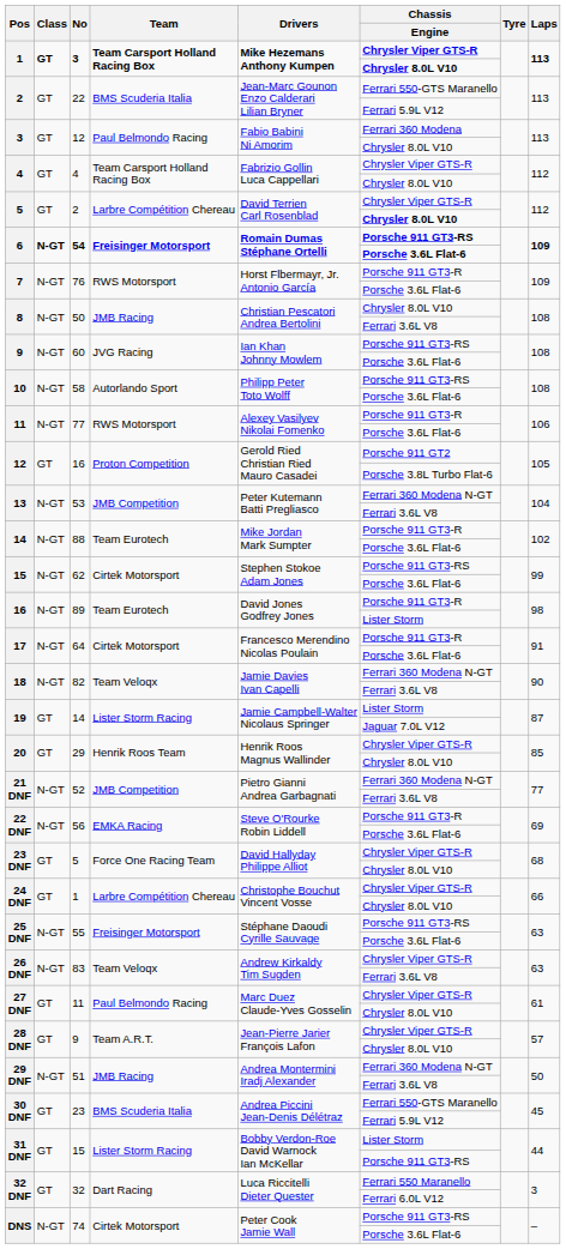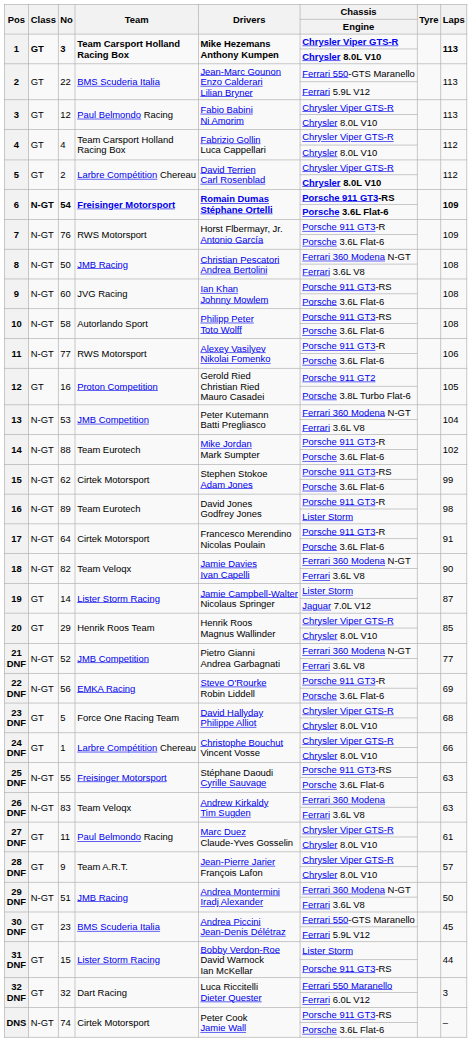 <table class="wikitable" style="font-size: 95%;">
 <tr>
 <th rowspan=2>Pos</th>
 <th rowspan=2>Class</th>
 <th rowspan=2>No</th>
 <th rowspan=2>Team</th>
 <th rowspan=2>Drivers</th>
 <th>Chassis</th>
 <th rowspan=2>Tyre</th>
 <th rowspan=2>Laps</th>
 </tr>
 <tr>
 <th>Engine</th>
 </tr>
 <tr style="font-weight:bold">
 <th rowspan=2>1</th>
 <td rowspan=2>GT</td>
 <td rowspan=2>3</td>
 <td rowspan=2> Team Carsport Holland<br> Racing Box</td>
 <td rowspan=2> Mike Hezemans<br> Anthony Kumpen</td>
 <td><a href='#'>Chrysler Viper GTS-R</a></td>
 <td rowspan=2></td>
 <td rowspan=2>113</td>
 </tr>
 <tr style="font-weight:bold">
 <td><a href='#'>Chrysler</a> 8.0L V10</td>
 </tr>
 <tr>
 <th rowspan=2>2</th>
 <td rowspan=2>GT</td>
 <td rowspan=2>22</td>
 <td rowspan=2> <a href='#'>BMS Scuderia Italia</a></td>
 <td rowspan=2> <a href='#'>Jean-Marc Gounon</a><br> <a href='#'>Enzo Calderari</a><br> <a href='#'>Lilian Bryner</a></td>
 <td><a href='#'>Ferrari 550</a>-GTS Maranello</td>
 <td rowspan=2></td>
 <td rowspan=2>113</td>
 </tr>
 <tr>
 <td><a href='#'>Ferrari</a> 5.9L V12</td>
 </tr>
 <tr>
 <th rowspan=2>3</th>
 <td rowspan=2>GT</td>
 <td rowspan=2>12</td>
 <td rowspan=2> <a href='#'>Paul Belmondo</a> Racing</td>
 <td rowspan=2> <a href='#'>Fabio Babini</a><br> <a href='#'>Ni Amorim</a></td>
-<td><a href='#'>Ferrari 360 Modena</a></td>
+<td><a href='#'>Chrysler Viper GTS-R</a></td>
 <td rowspan=2></td>
 <td rowspan=2>113</td>
 </tr>
 <tr>
 <td><a href='#'>Chrysler</a> 8.0L V10</td>
 </tr>
 <tr>
 <th rowspan=2>4</th>
 <td rowspan=2>GT</td>
 <td rowspan=2>4</td>
 <td rowspan=2> Team Carsport Holland<br> Racing Box</td>
 <td rowspan=2> <a href='#'>Fabrizio Gollin</a><br> Luca Cappellari</td>
 <td><a href='#'>Chrysler Viper GTS-R</a></td>
 <td rowspan=2></td>
 <td rowspan=2>112</td>
 </tr>
 <tr>
 <td><a href='#'>Chrysler</a> 8.0L V10</td>
 </tr>
 <tr>
 <th rowspan=2>5</th>
 <td rowspan=2>GT</td>
 <td rowspan=2>2</td>
 <td rowspan=2> <a href='#'>Larbre Compétition</a> Chereau</td>
 <td rowspan=2> <a href='#'>David Terrien</a><br> <a href='#'>Carl Rosenblad</a></td>
 <td><a href='#'>Chrysler Viper GTS-R</a></td>
 <td rowspan=2></td>
 <td rowspan=2>112</td>
 </tr>
 <tr>
 <td><strong><a href='#'>Chrysler</a> 8.0L V10</strong></td>
 </tr>
 <tr style="font-weight:bold">
 <th rowspan=2>6</th>
 <td rowspan=2>N-GT</td>
 <td rowspan=2>54</td>
 <td rowspan=2> <a href='#'>Freisinger Motorsport</a></td>
 <td rowspan=2> <a href='#'>Romain Dumas</a><br> <a href='#'>Stéphane Ortelli</a></td>
 <td><a href='#'>Porsche 911 GT3</a>-RS</td>
 <td rowspan=2></td>
 <td rowspan=2>109</td>
 </tr>
 <tr style="font-weight:bold">
 <td><a href='#'>Porsche</a> 3.6L Flat-6</td>
 </tr>
 <tr>
 <th rowspan=2>7</th>
 <td rowspan=2>N-GT</td>
 <td rowspan=2>76</td>
 <td rowspan=2> RWS Motorsport</td>
 <td rowspan=2> Horst Flbermayr, Jr.<br> <a href='#'>Antonio García</a></td>
 <td><a href='#'>Porsche 911 GT3</a>-R</td>
 <td rowspan=2></td>
 <td rowspan=2>109</td>
 </tr>
 <tr>
 <td><a href='#'>Porsche</a> 3.6L Flat-6</td>
 </tr>
 <tr>
 <th rowspan=2>8</th>
 <td rowspan=2>N-GT</td>
 <td rowspan=2>50</td>
 <td rowspan=2> <a href='#'>JMB Racing</a></td>
 <td rowspan=2> <a href='#'>Christian Pescatori</a><br> <a href='#'>Andrea Bertolini</a></td>
-<td><a href='#'>Chrysler</a> 8.0L V10</td>
+<td><a href='#'>Ferrari 360 Modena</a> N-GT</td>
 <td rowspan=2></td>
 <td rowspan=2>108</td>
 </tr>
 <tr>
 <td><a href='#'>Ferrari</a> 3.6L V8</td>
 </tr>
 <tr>
 <th rowspan=2>9</th>
 <td rowspan=2>N-GT</td>
 <td rowspan=2>60</td>
 <td rowspan=2> JVG Racing</td>
 <td rowspan=2> <a href='#'>Ian Khan</a><br> <a href='#'>Johnny Mowlem</a></td>
 <td><a href='#'>Porsche 911 GT3</a>-RS</td>
 <td rowspan=2></td>
 <td rowspan=2>108</td>
 </tr>
 <tr>
 <td><a href='#'>Porsche</a> 3.6L Flat-6</td>
 </tr>
 <tr>
 <th rowspan=2>10</th>
 <td rowspan=2>N-GT</td>
 <td rowspan=2>58</td>
 <td rowspan=2> Autorlando Sport</td>
 <td rowspan=2> <a href='#'>Philipp Peter</a><br> <a href='#'>Toto Wolff</a></td>
 <td><a href='#'>Porsche 911 GT3</a>-RS</td>
 <td rowspan=2></td>
 <td rowspan=2>108</td>
 </tr>
 <tr>
 <td><a href='#'>Porsche</a> 3.6L Flat-6</td>
 </tr>
 <tr>
 <th rowspan=2>11</th>
 <td rowspan=2>N-GT</td>
 <td rowspan=2>77</td>
 <td rowspan=2> RWS Motorsport</td>
 <td rowspan=2> <a href='#'>Alexey Vasilyev</a><br> <a href='#'>Nikolai Fomenko</a></td>
 <td><a href='#'>Porsche 911 GT3</a>-R</td>
 <td rowspan=2></td>
 <td rowspan=2>106</td>
 </tr>
 <tr>
 <td><a href='#'>Porsche</a> 3.6L Flat-6</td>
 </tr>
 <tr>
 <th rowspan=2>12</th>
 <td rowspan=2>GT</td>
 <td rowspan=2>16</td>
 <td rowspan=2> <a href='#'>Proton Competition</a></td>
 <td rowspan=2> Gerold Ried<br> Christian Ried<br> Mauro Casadei</td>
 <td><a href='#'>Porsche 911 GT2</a></td>
 <td rowspan=2></td>
 <td rowspan=2>105</td>
 </tr>
 <tr>
 <td><a href='#'>Porsche</a> 3.8L Turbo Flat-6</td>
 </tr>
 <tr>
 <th rowspan=2>13</th>
 <td rowspan=2>N-GT</td>
 <td rowspan=2>53</td>
 <td rowspan=2> <a href='#'>JMB Competition</a></td>
 <td rowspan=2> Peter Kutemann<br> Batti Pregliasco</td>
 <td><a href='#'>Ferrari 360 Modena</a> N-GT</td>
 <td rowspan=2></td>
 <td rowspan=2>104</td>
 </tr>
 <tr>
 <td><a href='#'>Ferrari</a> 3.6L V8</td>
 </tr>
 <tr>
 <th rowspan=2>14</th>
 <td rowspan=2>N-GT</td>
 <td rowspan=2>88</td>
 <td rowspan=2> Team Eurotech</td>
 <td rowspan=2> <a href='#'>Mike Jordan</a><br> Mark Sumpter</td>
 <td><a href='#'>Porsche 911 GT3</a>-R</td>
 <td rowspan=2></td>
 <td rowspan=2>102</td>
 </tr>
 <tr>
 <td><a href='#'>Porsche</a> 3.6L Flat-6</td>
 </tr>
 <tr>
 <th rowspan=2>15</th>
 <td rowspan=2>N-GT</td>
 <td rowspan=2>62</td>
 <td rowspan=2> Cirtek Motorsport</td>
 <td rowspan=2> Stephen Stokoe<br> <a href='#'>Adam Jones</a></td>
 <td><a href='#'>Porsche 911 GT3</a>-RS</td>
 <td rowspan=2></td>
 <td rowspan=2>99</td>
 </tr>
 <tr>
 <td><a href='#'>Porsche</a> 3.6L Flat-6</td>
 </tr>
 <tr>
 <th rowspan=2>16</th>
 <td rowspan=2>N-GT</td>
 <td rowspan=2>89</td>
 <td rowspan=2> Team Eurotech</td>
 <td rowspan=2> David Jones<br> Godfrey Jones</td>
 <td><a href='#'>Porsche 911 GT3</a>-R</td>
 <td rowspan=2></td>
 <td rowspan=2>98</td>
 </tr>
 <tr>
 <td><a href='#'>Lister Storm</a></td>
 </tr>
 <tr>
 <th rowspan=2>17</th>
 <td rowspan=2>N-GT</td>
 <td rowspan=2>64</td>
 <td rowspan=2> Cirtek Motorsport</td>
 <td rowspan=2> Francesco Merendino<br> Nicolas Poulain</td>
 <td><a href='#'>Porsche 911 GT3</a>-R</td>
 <td rowspan=2></td>
 <td rowspan=2>91</td>
 </tr>
 <tr>
 <td><a href='#'>Porsche</a> 3.6L Flat-6</td>
 </tr>
 <tr>
 <th rowspan=2>18</th>
 <td rowspan=2>N-GT</td>
 <td rowspan=2>82</td>
 <td rowspan=2> Team Veloqx</td>
 <td rowspan=2> <a href='#'>Jamie Davies</a><br> <a href='#'>Ivan Capelli</a></td>
 <td><a href='#'>Ferrari 360 Modena</a> N-GT</td>
 <td rowspan=2></td>
 <td rowspan=2>90</td>
 </tr>
 <tr>
 <td><a href='#'>Ferrari</a> 3.6L V8</td>
 </tr>
 <tr>
 <th rowspan=2>19</th>
 <td rowspan=2>GT</td>
 <td rowspan=2>14</td>
 <td rowspan=2> <a href='#'>Lister Storm Racing</a></td>
 <td rowspan=2> <a href='#'>Jamie Campbell-Walter</a><br> Nicolaus Springer</td>
 <td><a href='#'>Lister Storm</a></td>
 <td rowspan=2></td>
 <td rowspan=2>87</td>
 </tr>
 <tr>
 <td><a href='#'>Jaguar</a> 7.0L V12</td>
 </tr>
 <tr>
 <th rowspan=2>20</th>
 <td rowspan=2>GT</td>
 <td rowspan=2>29</td>
 <td rowspan=2> Henrik Roos Team</td>
 <td rowspan=2> Henrik Roos<br> Magnus Wallinder</td>
 <td><a href='#'>Chrysler Viper GTS-R</a></td>
 <td rowspan=2></td>
 <td rowspan=2>85</td>
 </tr>
 <tr>
 <td><a href='#'>Chrysler</a> 8.0L V10</td>
 </tr>
 <tr>
 <th rowspan=2>21<br>DNF</th>
 <td rowspan=2>N-GT</td>
 <td rowspan=2>52</td>
 <td rowspan=2> <a href='#'>JMB Competition</a></td>
 <td rowspan=2> Pietro Gianni<br> Andrea Garbagnati</td>
 <td><a href='#'>Ferrari 360 Modena</a> N-GT</td>
 <td rowspan=2></td>
 <td rowspan=2>77</td>
 </tr>
 <tr>
 <td><a href='#'>Ferrari</a> 3.6L V8</td>
 </tr>
 <tr>
 <th rowspan=2>22<br>DNF</th>
 <td rowspan=2>N-GT</td>
 <td rowspan=2>56</td>
 <td rowspan=2> <a href='#'>EMKA Racing</a></td>
 <td rowspan=2> <a href='#'>Steve O'Rourke</a><br> Robin Liddell</td>
 <td><a href='#'>Porsche 911 GT3</a>-R</td>
 <td rowspan=2></td>
 <td rowspan=2>69</td>
 </tr>
 <tr>
 <td><a href='#'>Porsche</a> 3.6L Flat-6</td>
 </tr>
 <tr>
 <th rowspan=2>23<br>DNF</th>
 <td rowspan=2>GT</td>
 <td rowspan=2>5</td>
 <td rowspan=2> Force One Racing Team</td>
 <td rowspan=2> <a href='#'>David Hallyday</a><br> <a href='#'>Philippe Alliot</a></td>
 <td><a href='#'>Chrysler Viper GTS-R</a></td>
 <td rowspan=2></td>
 <td rowspan=2>68</td>
 </tr>
 <tr>
 <td><a href='#'>Chrysler</a> 8.0L V10</td>
 </tr>
 <tr>
 <th rowspan=2>24<br>DNF</th>
 <td rowspan=2>GT</td>
 <td rowspan=2>1</td>
 <td rowspan=2> <a href='#'>Larbre Compétition</a> Chereau</td>
 <td rowspan=2> <a href='#'>Christophe Bouchut</a><br> Vincent Vosse</td>
 <td><a href='#'>Chrysler Viper GTS-R</a></td>
 <td rowspan=2></td>
 <td rowspan=2>66</td>
 </tr>
 <tr>
 <td><a href='#'>Chrysler</a> 8.0L V10</td>
 </tr>
 <tr>
 <th rowspan=2>25<br>DNF</th>
 <td rowspan=2>N-GT</td>
 <td rowspan=2>55</td>
 <td rowspan=2> <a href='#'>Freisinger Motorsport</a></td>
 <td rowspan=2> Stéphane Daoudi<br> <a href='#'>Cyrille Sauvage</a></td>
 <td><a href='#'>Porsche 911 GT3</a>-RS</td>
 <td rowspan=2></td>
 <td rowspan=2>63</td>
 </tr>
 <tr>
 <td><a href='#'>Porsche</a> 3.6L Flat-6</td>
 </tr>
 <tr>
 <th rowspan=2>26<br>DNF</th>
 <td rowspan=2>N-GT</td>
 <td rowspan=2>83</td>
 <td rowspan=2> Team Veloqx</td>
 <td rowspan=2> <a href='#'>Andrew Kirkaldy</a><br> <a href='#'>Tim Sugden</a></td>
-<td><a href='#'>Chrysler Viper GTS-R</a></td>
+<td><a href='#'>Ferrari 360 Modena</a></td>
 <td rowspan=2></td>
 <td rowspan=2>63</td>
 </tr>
 <tr>
 <td><a href='#'>Ferrari</a> 3.6L V8</td>
 </tr>
 <tr>
 <th rowspan=2>27<br>DNF</th>
 <td rowspan=2>GT</td>
 <td rowspan=2>11</td>
 <td rowspan=2> <a href='#'>Paul Belmondo</a> Racing</td>
 <td rowspan=2> <a href='#'>Marc Duez</a><br> Claude-Yves Gosselin</td>
 <td><a href='#'>Chrysler Viper GTS-R</a></td>
 <td rowspan=2></td>
 <td rowspan=2>61</td>
 </tr>
 <tr>
 <td><a href='#'>Chrysler</a> 8.0L V10</td>
 </tr>
 <tr>
 <th rowspan=2>28<br>DNF</th>
 <td rowspan=2>GT</td>
 <td rowspan=2>9</td>
 <td rowspan=2> Team A.R.T.</td>
 <td rowspan=2> <a href='#'>Jean-Pierre Jarier</a><br> François Lafon</td>
 <td><a href='#'>Chrysler Viper GTS-R</a></td>
 <td rowspan=2></td>
 <td rowspan=2>57</td>
 </tr>
 <tr>
 <td><a href='#'>Chrysler</a> 8.0L V10</td>
 </tr>
 <tr>
 <th rowspan=2>29<br>DNF</th>
 <td rowspan=2>N-GT</td>
 <td rowspan=2>51</td>
 <td rowspan=2> <a href='#'>JMB Racing</a></td>
 <td rowspan=2> <a href='#'>Andrea Montermini</a><br> <a href='#'>Iradj Alexander</a></td>
 <td><a href='#'>Ferrari 360 Modena</a> N-GT</td>
 <td rowspan=2></td>
 <td rowspan=2>50</td>
 </tr>
 <tr>
 <td><a href='#'>Ferrari</a> 3.6L V8</td>
 </tr>
 <tr>
 <th rowspan=2>30<br>DNF</th>
 <td rowspan=2>GT</td>
 <td rowspan=2>23</td>
 <td rowspan=2> <a href='#'>BMS Scuderia Italia</a></td>
 <td rowspan=2> <a href='#'>Andrea Piccini</a><br> <a href='#'>Jean-Denis Délétraz</a></td>
 <td><a href='#'>Ferrari 550</a>-GTS Maranello</td>
 <td rowspan=2></td>
 <td rowspan=2>45</td>
 </tr>
 <tr>
 <td><a href='#'>Ferrari</a> 5.9L V12</td>
 </tr>
 <tr>
 <th rowspan=2>31<br>DNF</th>
 <td rowspan=2>GT</td>
 <td rowspan=2>15</td>
 <td rowspan=2> <a href='#'>Lister Storm Racing</a></td>
 <td rowspan=2> <a href='#'>Bobby Verdon-Roe</a><br> David Warnock<br> Ian McKellar</td>
 <td><a href='#'>Lister Storm</a></td>
 <td rowspan=2></td>
 <td rowspan=2>44</td>
 </tr>
 <tr>
 <td><a href='#'>Porsche 911 GT3</a>-RS</td>
 </tr>
 <tr>
 <th rowspan=2>32<br>DNF</th>
 <td rowspan=2>GT</td>
 <td rowspan=2>32</td>
 <td rowspan=2> Dart Racing</td>
 <td rowspan=2> Luca Riccitelli<br> <a href='#'>Dieter Quester</a></td>
 <td><a href='#'>Ferrari 550 Maranello</a></td>
 <td rowspan=2></td>
 <td rowspan=2>3</td>
 </tr>
 <tr>
 <td><a href='#'>Ferrari</a> 6.0L V12</td>
 </tr>
 <tr>
 <th rowspan=2>DNS</th>
 <td rowspan=2>N-GT</td>
 <td rowspan=2>74</td>
 <td rowspan=2> Cirtek Motorsport</td>
 <td rowspan=2> Peter Cook<br> <a href='#'>Jamie Wall</a></td>
 <td><a href='#'>Porsche 911 GT3</a>-RS</td>
 <td rowspan=2></td>
 <td rowspan=2>–</td>
 </tr>
 <tr>
 <td><a href='#'>Porsche</a> 3.6L Flat-6</td>
 </tr>
 </table>
